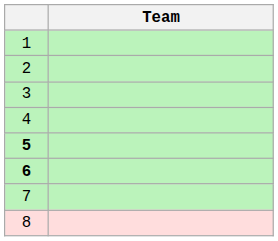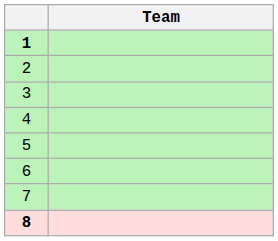 <table class="wikitable" style="text-align: center; font-size: 100%;">
 <tr>
 <th width="30"></th>
 <th width="180">Team</th>
 </tr>
 <tr style="background-color: #bbf3bb;">
-<td>1</td>
+<td><strong>1</strong></td>
 <td align=left></td>
 </tr>
 <tr style="background-color: #bbf3bb;">
 <td>2</td>
 <td align=left></td>
 </tr>
 <tr style="background-color: #bbf3bb;">
 <td>3</td>
 <td align=left></td>
 </tr>
 <tr style="background-color: #bbf3bb;">
 <td>4</td>
 <td align=left></td>
 </tr>
 <tr style="background-color: #bbf3bb;">
-<td><strong>5</strong></td>
+<td>5</td>
 <td align=left></td>
 </tr>
 <tr style="background-color: #bbf3bb;">
-<td><strong>6</strong></td>
+<td>6</td>
 <td align=left></td>
 </tr>
 <tr style="background-color: #bbf3bb;">
 <td>7</td>
 <td align=left></td>
 </tr>
 <tr style="background-color: #ffdddd;">
-<td>8</td>
+<td><strong>8</strong></td>
 <td align=left></td>
 </tr>
 </table>
